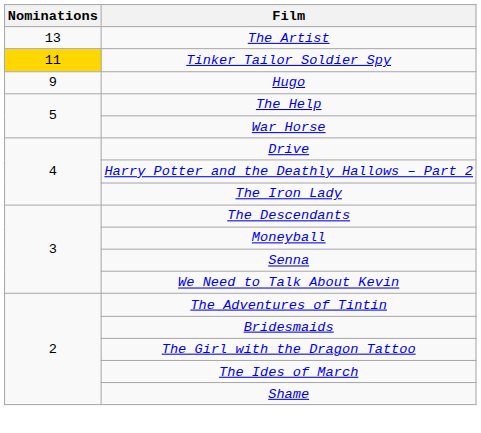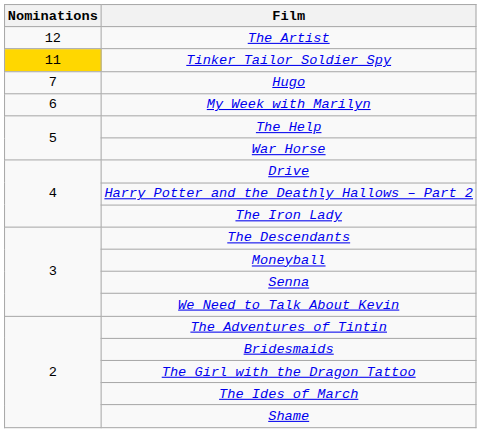 <table class="wikitable" style="text-align:center;">
 <tr>
 <th style="background:">Nominations</th>
 <th style="background:">Film</th>
 </tr>
 <tr>
-<td>13</td>
+<td>12</td>
 <td><em><a href='#'>The Artist</a></em></td>
 </tr>
 <tr>
 <td style="background: gold;">11</td>
 <td><em><a href='#'>Tinker Tailor Soldier Spy</a></em></td>
 </tr>
 <tr>
-<td>9</td>
+<td>7</td>
 <td><em><a href='#'>Hugo</a></em></td>
+</tr>
+<tr>
+<td>6</td>
+<td><em><a href='#'>My Week with Marilyn</a></em></td>
 </tr>
 <tr>
 <td rowspan="2">5</td>
 <td><em><a href='#'>The Help</a></em></td>
 </tr>
 <tr>
 <td><em><a href='#'>War Horse</a></em></td>
 </tr>
 <tr>
 <td rowspan="3">4</td>
 <td><em><a href='#'>Drive</a></em></td>
 </tr>
 <tr>
 <td><em><a href='#'>Harry Potter and the Deathly Hallows – Part 2</a></em></td>
 </tr>
 <tr>
 <td><em><a href='#'>The Iron Lady</a></em></td>
 </tr>
 <tr>
 <td rowspan="4">3</td>
 <td><em><a href='#'>The Descendants</a></em></td>
 </tr>
 <tr>
 <td><em><a href='#'>Moneyball</a></em></td>
 </tr>
 <tr>
 <td><em><a href='#'>Senna</a></em></td>
 </tr>
 <tr>
 <td><em><a href='#'>We Need to Talk About Kevin</a></em></td>
 </tr>
 <tr>
 <td rowspan="5">2</td>
 <td><em><a href='#'>The Adventures of Tintin</a></em></td>
 </tr>
 <tr>
 <td><em><a href='#'>Bridesmaids</a></em></td>
 </tr>
 <tr>
 <td><em><a href='#'>The Girl with the Dragon Tattoo</a></em></td>
 </tr>
 <tr>
 <td><em><a href='#'>The Ides of March</a></em></td>
 </tr>
 <tr>
 <td><em><a href='#'>Shame</a></em></td>
 </tr>
 </table>
